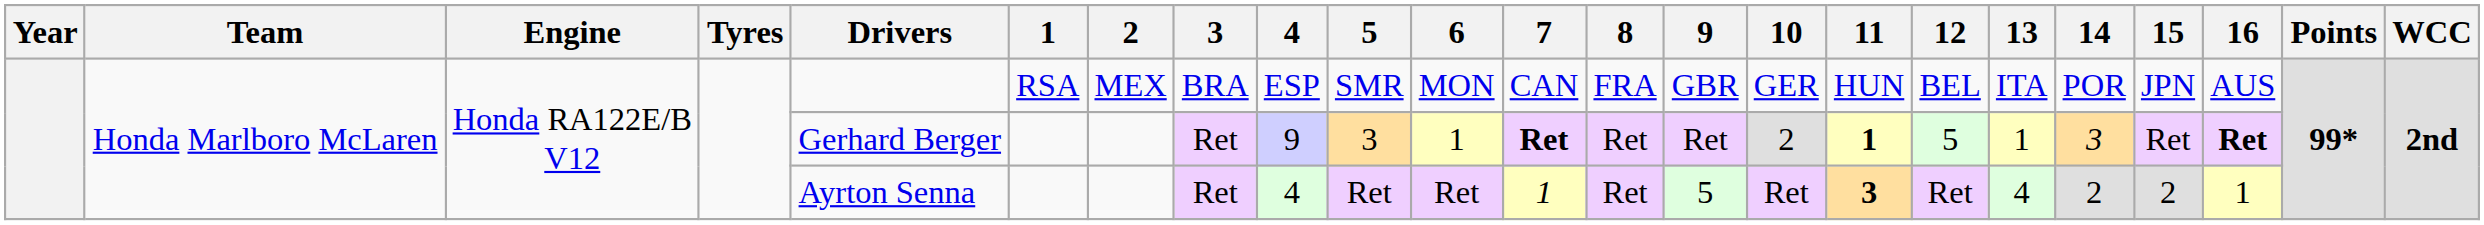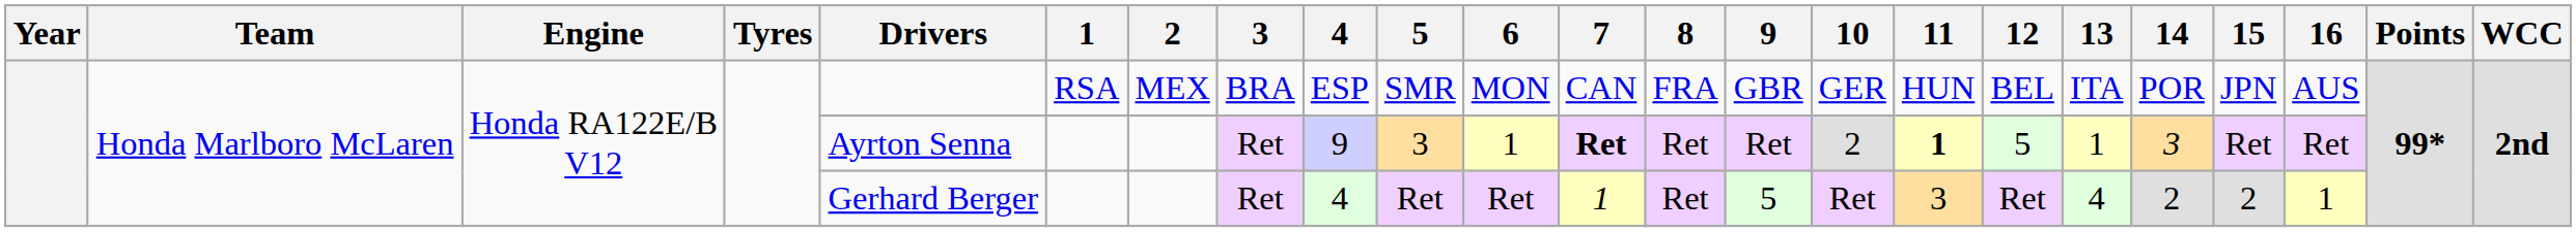 <table class="wikitable" style="text-align:center; font-size:95%">
 <tr>
 <th>Year</th>
 <th>Team</th>
 <th>Engine</th>
 <th>Tyres</th>
 <th>Drivers</th>
 <th>1</th>
 <th>2</th>
 <th>3</th>
 <th>4</th>
 <th>5</th>
 <th>6</th>
 <th>7</th>
 <th>8</th>
 <th>9</th>
 <th>10</th>
 <th>11</th>
 <th>12</th>
 <th>13</th>
 <th>14</th>
 <th>15</th>
 <th>16</th>
 <th>Points</th>
 <th>WCC</th>
 </tr>
 <tr>
 <th rowspan="3"></th>
 <td rowspan="3"><a href='#'>Honda</a> <a href='#'>Marlboro</a> <a href='#'>McLaren</a></td>
 <td rowspan="3"><a href='#'>Honda</a> RA122E/B<br><a href='#'>V12</a></td>
 <td rowspan="3"></td>
 <td></td>
 <td><a href='#'>RSA</a></td>
 <td><a href='#'>MEX</a></td>
 <td><a href='#'>BRA</a></td>
 <td><a href='#'>ESP</a></td>
 <td><a href='#'>SMR</a></td>
 <td><a href='#'>MON</a></td>
 <td><a href='#'>CAN</a></td>
 <td><a href='#'>FRA</a></td>
 <td><a href='#'>GBR</a></td>
 <td><a href='#'>GER</a></td>
 <td><a href='#'>HUN</a></td>
 <td><a href='#'>BEL</a></td>
 <td><a href='#'>ITA</a></td>
 <td><a href='#'>POR</a></td>
 <td><a href='#'>JPN</a></td>
 <td><a href='#'>AUS</a></td>
 <td rowspan="3" style="background:#dfdfdf;"><strong>99*</strong></td>
 <td rowspan="3" style="background:#dfdfdf;"><strong>2nd</strong></td>
 </tr>
 <tr>
-<td align="left"><a href='#'>Gerhard Berger</a></td>
+<td align="left"><a href='#'>Ayrton Senna</a></td>
 <td></td>
 <td></td>
 <td style="background:#efcfff;">Ret</td>
 <td style="background:#cfcfff;">9</td>
 <td style="background:#ffdf9f;">3</td>
 <td style="background:#ffffbf;">1</td>
 <td style="background:#efcfff;"><strong>Ret</strong></td>
 <td style="background:#efcfff;">Ret</td>
 <td style="background:#efcfff;">Ret</td>
 <td style="background:#dfdfdf;">2</td>
 <td style="background:#ffffbf;"><strong>1</strong></td>
 <td style="background:#dfffdf;">5</td>
 <td style="background:#ffffbf;">1</td>
 <td style="background:#ffdf9f;"><em>3</em></td>
 <td style="background:#efcfff;">Ret</td>
-<td style="background:#efcfff;"><strong>Ret</strong></td>
+<td style="background:#efcfff;">Ret</td>
 </tr>
 <tr>
-<td align="left"><a href='#'>Ayrton Senna</a></td>
+<td align="left"><a href='#'>Gerhard Berger</a></td>
 <td></td>
 <td></td>
 <td style="background:#efcfff;">Ret</td>
 <td style="background:#dfffdf;">4</td>
 <td style="background:#efcfff;">Ret</td>
 <td style="background:#efcfff;">Ret</td>
 <td style="background:#ffffbf;"><em>1</em></td>
 <td style="background:#efcfff;">Ret</td>
 <td style="background:#dfffdf;">5</td>
 <td style="background:#efcfff;">Ret</td>
-<td style="background:#ffdf9f;"><strong>3</strong></td>
+<td style="background:#ffdf9f;">3</td>
 <td style="background:#efcfff;">Ret</td>
 <td style="background:#dfffdf;">4</td>
 <td style="background:#dfdfdf;">2</td>
 <td style="background:#dfdfdf;">2</td>
 <td style="background:#ffffbf;">1</td>
 </tr>
 </table>
